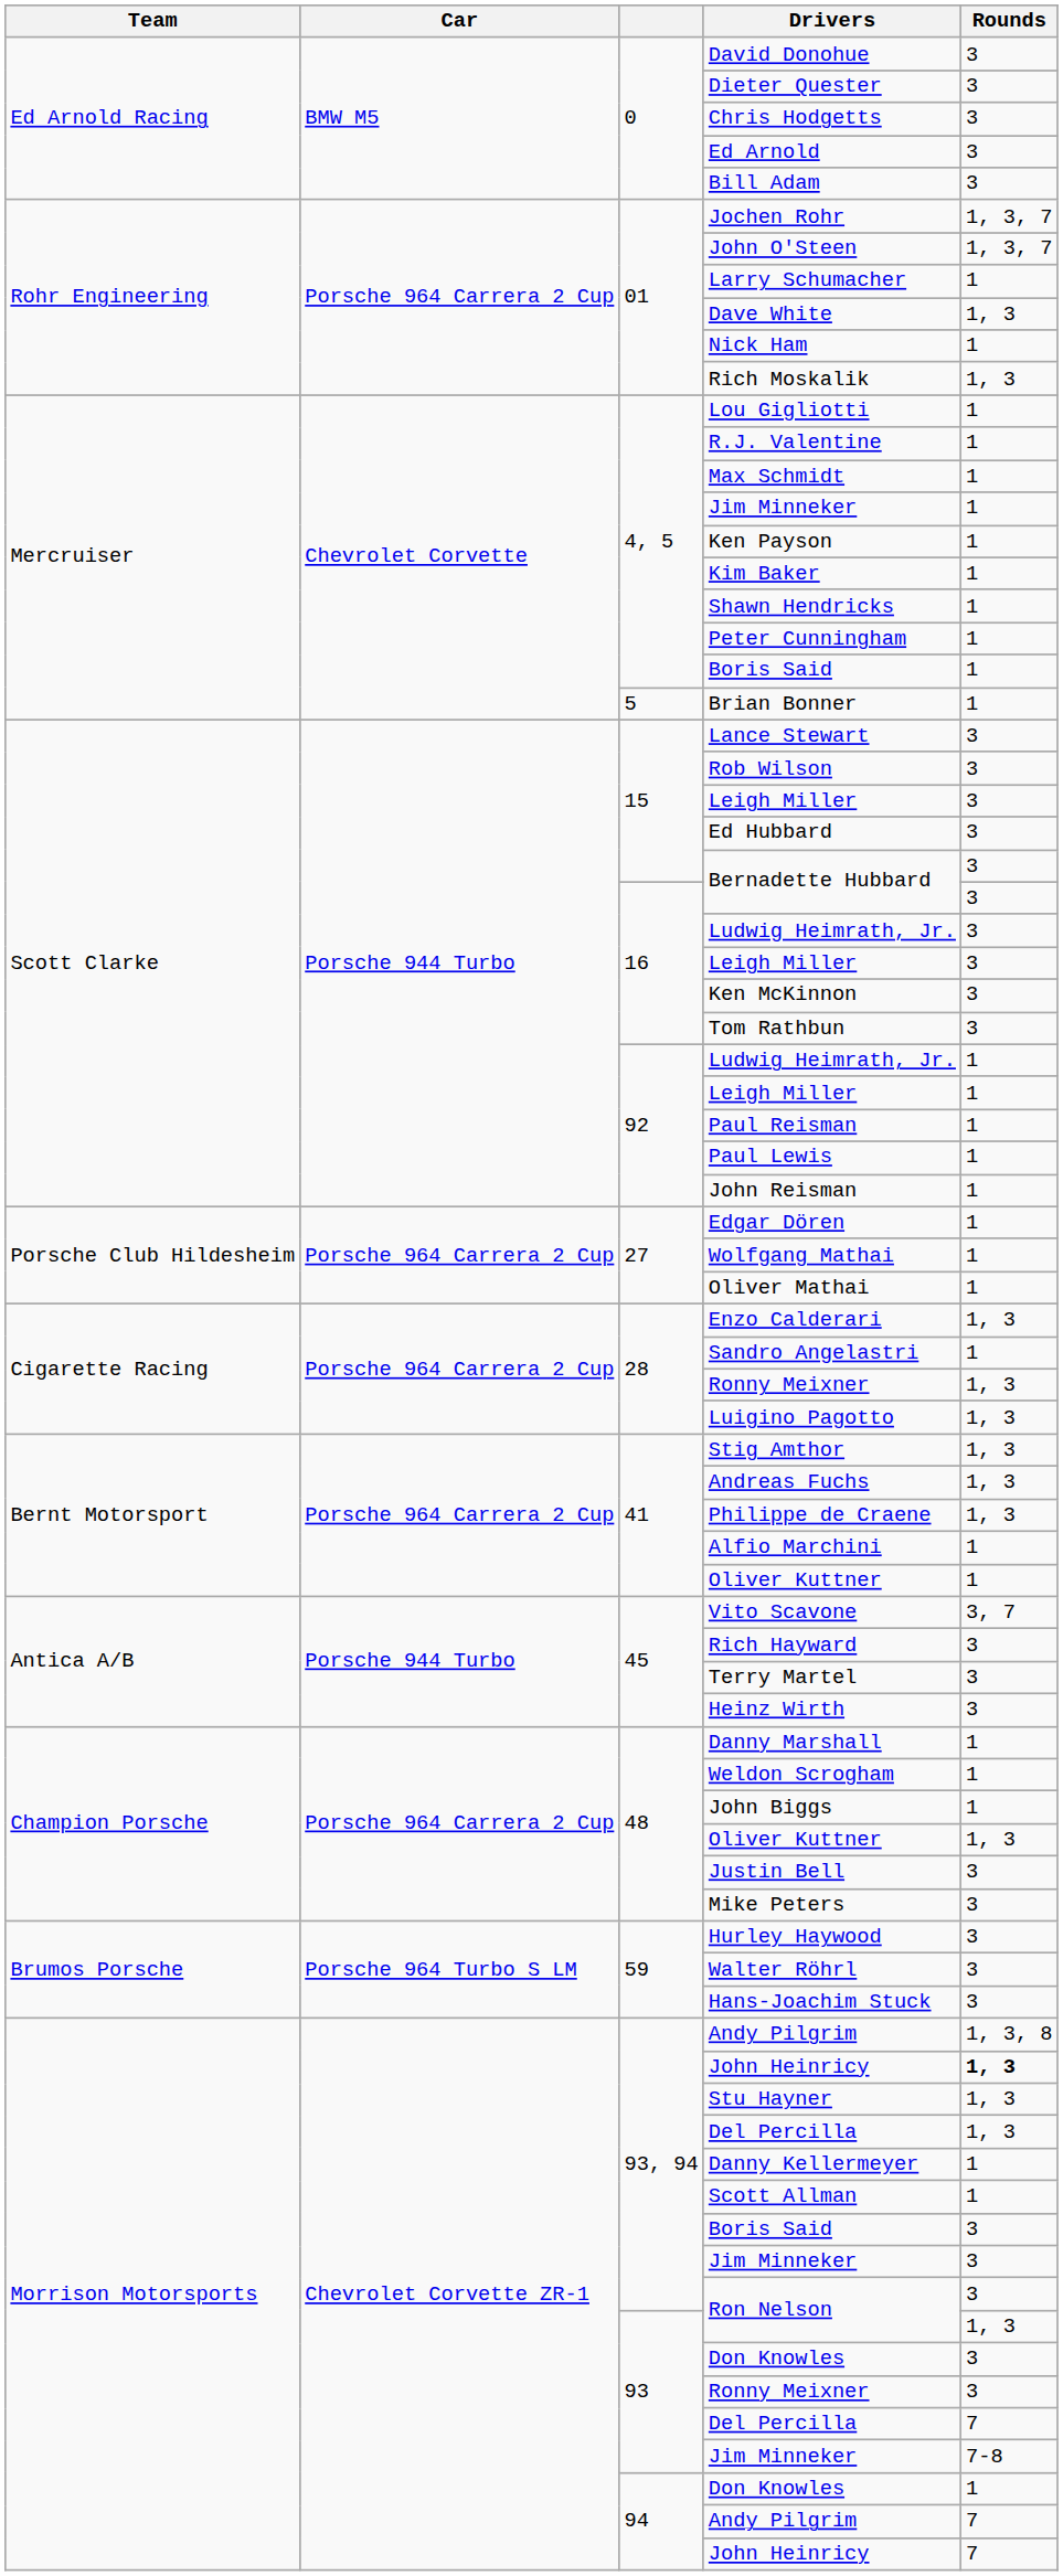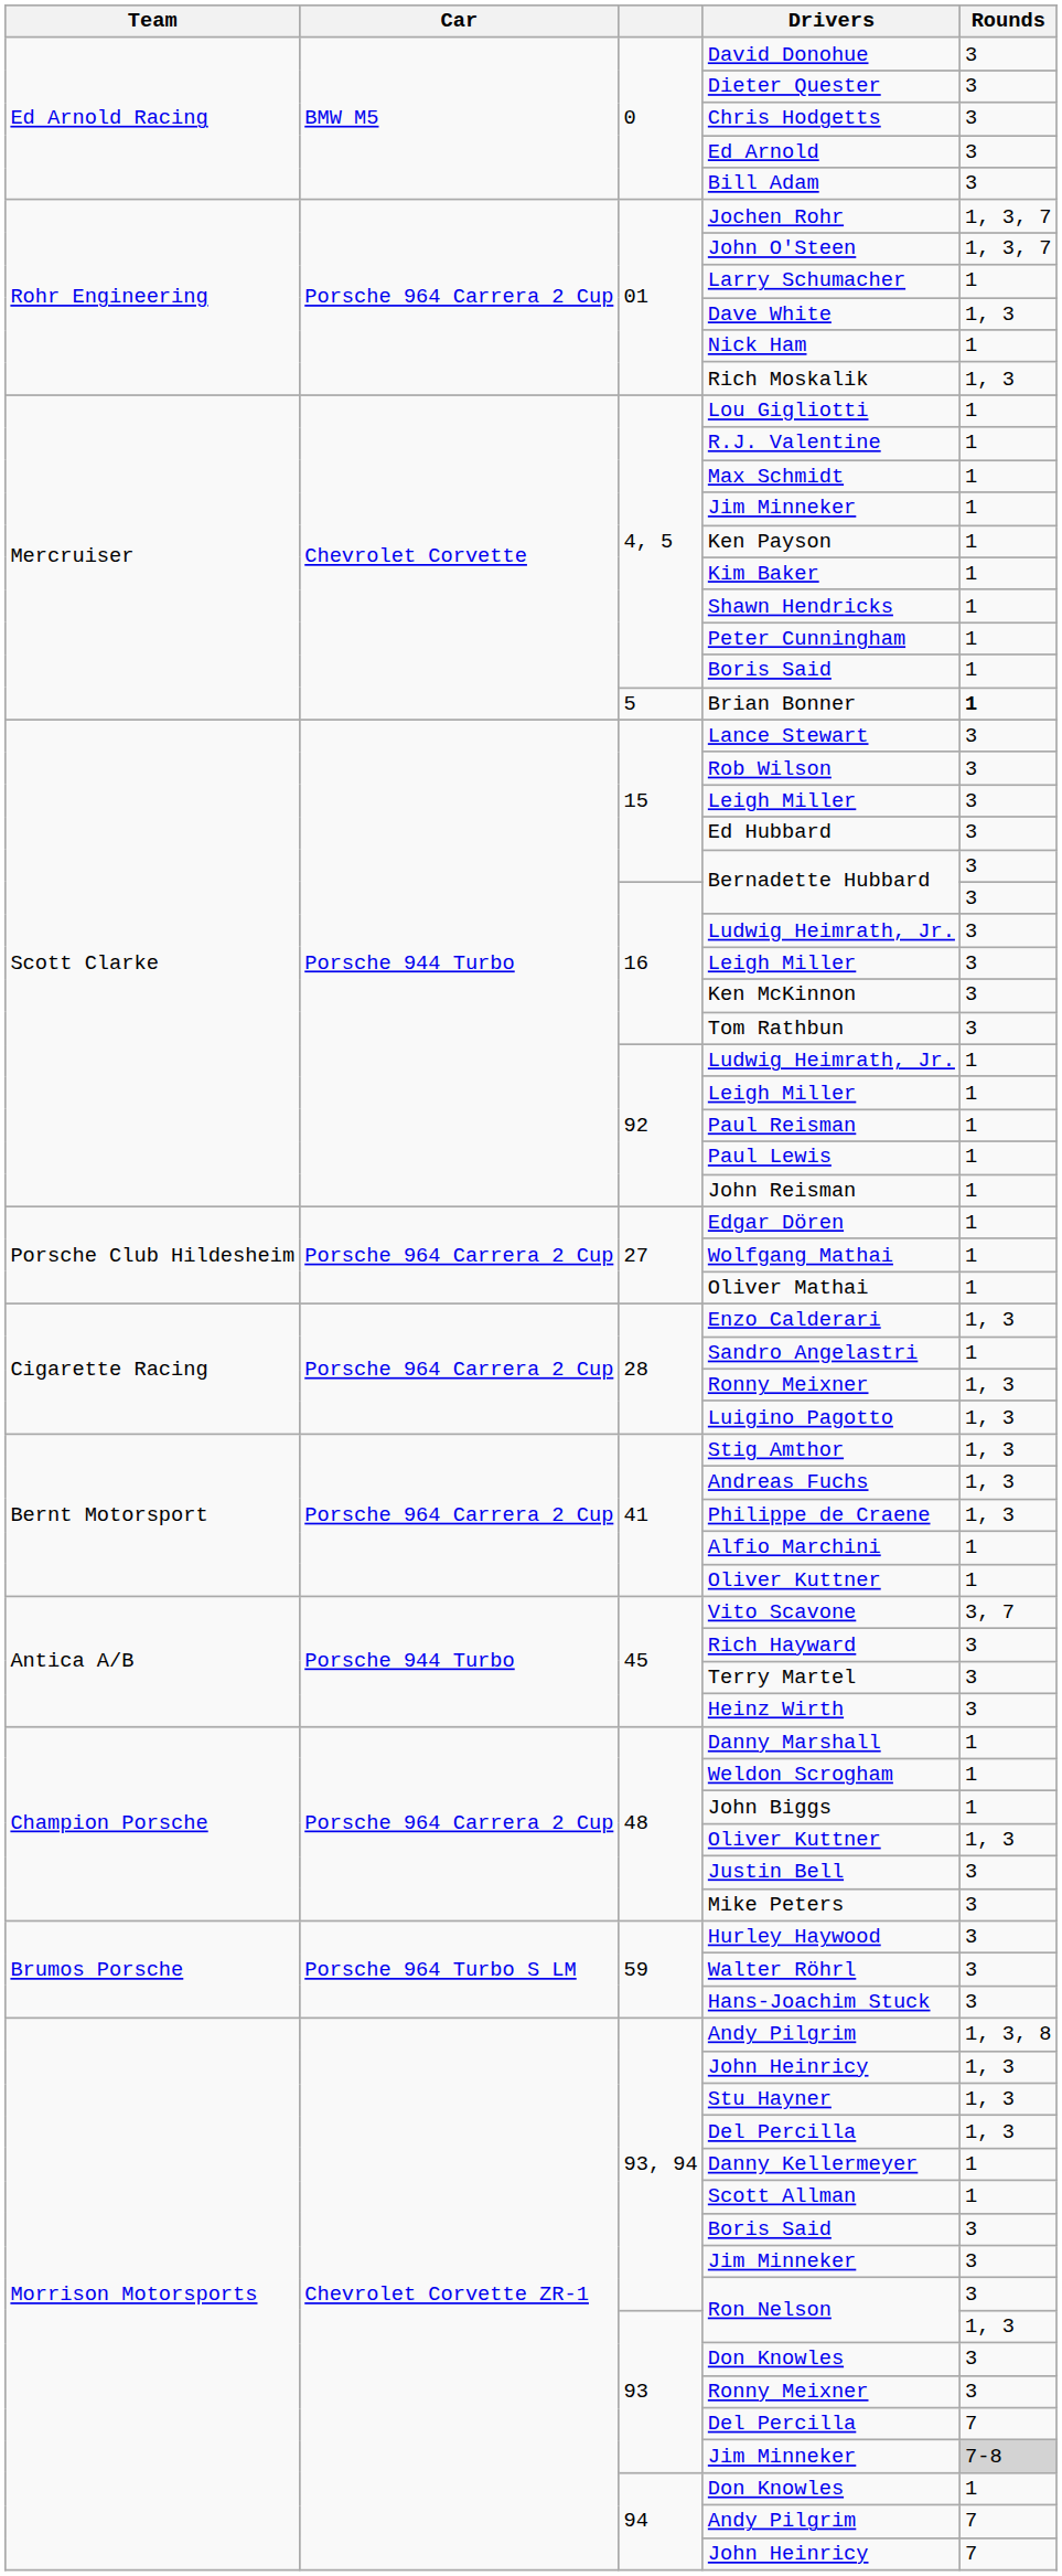 <table class="wikitable" style="font-size: 85%">
 <tr>
 <th>Team</th>
 <th>Car</th>
 <th></th>
 <th>Drivers</th>
 <th>Rounds</th>
 </tr>
 <tr>
 <td rowspan="5"> <a href='#'>Ed Arnold Racing</a></td>
 <td rowspan="5"><a href='#'>BMW M5</a></td>
 <td rowspan="5">0</td>
 <td> <a href='#'>David Donohue</a></td>
 <td>3</td>
 </tr>
 <tr>
 <td> <a href='#'>Dieter Quester</a></td>
 <td>3</td>
 </tr>
 <tr>
 <td> <a href='#'>Chris Hodgetts</a></td>
 <td>3</td>
 </tr>
 <tr>
 <td> <a href='#'>Ed Arnold</a></td>
 <td>3</td>
 </tr>
 <tr>
 <td> <a href='#'>Bill Adam</a></td>
 <td>3</td>
 </tr>
 <tr>
 <td rowspan="6"> <a href='#'>Rohr Engineering</a></td>
 <td rowspan="6"><a href='#'>Porsche 964 Carrera 2 Cup</a></td>
 <td rowspan="6">01</td>
 <td> <a href='#'>Jochen Rohr</a></td>
 <td>1, 3, 7</td>
 </tr>
 <tr>
 <td> <a href='#'>John O'Steen</a></td>
 <td>1, 3, 7</td>
 </tr>
 <tr>
 <td> <a href='#'>Larry Schumacher</a></td>
 <td>1</td>
 </tr>
 <tr>
 <td> <a href='#'>Dave White</a></td>
 <td>1, 3</td>
 </tr>
 <tr>
 <td> <a href='#'>Nick Ham</a></td>
 <td>1</td>
 </tr>
 <tr>
 <td> Rich Moskalik</td>
 <td>1, 3</td>
 </tr>
 <tr>
 <td rowspan="10"> Mercruiser</td>
 <td rowspan="10"><a href='#'>Chevrolet Corvette</a></td>
 <td rowspan="9">4, 5</td>
 <td> <a href='#'>Lou Gigliotti</a></td>
 <td>1</td>
 </tr>
 <tr>
 <td> <a href='#'>R.J. Valentine</a></td>
 <td>1</td>
 </tr>
 <tr>
 <td> <a href='#'>Max Schmidt</a></td>
 <td>1</td>
 </tr>
 <tr>
 <td> <a href='#'>Jim Minneker</a></td>
 <td>1</td>
 </tr>
 <tr>
 <td> Ken Payson</td>
 <td>1</td>
 </tr>
 <tr>
 <td> <a href='#'>Kim Baker</a></td>
 <td>1</td>
 </tr>
 <tr>
 <td> <a href='#'>Shawn Hendricks</a></td>
 <td>1</td>
 </tr>
 <tr>
 <td> <a href='#'>Peter Cunningham</a></td>
 <td>1</td>
 </tr>
 <tr>
 <td> <a href='#'>Boris Said</a></td>
 <td>1</td>
 </tr>
 <tr>
 <td>5</td>
 <td> Brian Bonner</td>
-<td>1</td>
+<td><strong>1</strong></td>
 </tr>
 <tr>
 <td rowspan="15"> Scott Clarke</td>
 <td rowspan="15"><a href='#'>Porsche 944 Turbo</a></td>
 <td rowspan="5">15</td>
 <td> <a href='#'>Lance Stewart</a></td>
 <td>3</td>
 </tr>
 <tr>
 <td> <a href='#'>Rob Wilson</a></td>
 <td>3</td>
 </tr>
 <tr>
 <td> <a href='#'>Leigh Miller</a></td>
 <td>3</td>
 </tr>
 <tr>
 <td> Ed Hubbard</td>
 <td>3</td>
 </tr>
 <tr>
 <td rowspan="2"> Bernadette Hubbard</td>
 <td>3</td>
 </tr>
 <tr>
 <td rowspan="5">16</td>
 <td>3</td>
 </tr>
 <tr>
 <td> <a href='#'>Ludwig Heimrath, Jr.</a></td>
 <td>3</td>
 </tr>
 <tr>
 <td> <a href='#'>Leigh Miller</a></td>
 <td>3</td>
 </tr>
 <tr>
 <td> Ken McKinnon</td>
 <td>3</td>
 </tr>
 <tr>
 <td> Tom Rathbun</td>
 <td>3</td>
 </tr>
 <tr>
 <td rowspan="5">92</td>
 <td> <a href='#'>Ludwig Heimrath, Jr.</a></td>
 <td>1</td>
 </tr>
 <tr>
 <td> <a href='#'>Leigh Miller</a></td>
 <td>1</td>
 </tr>
 <tr>
 <td> <a href='#'>Paul Reisman</a></td>
 <td>1</td>
 </tr>
 <tr>
 <td> <a href='#'>Paul Lewis</a></td>
 <td>1</td>
 </tr>
 <tr>
 <td> John Reisman</td>
 <td>1</td>
 </tr>
 <tr>
 <td rowspan="3"> Porsche Club Hildesheim</td>
 <td rowspan="3"><a href='#'>Porsche 964 Carrera 2 Cup</a></td>
 <td rowspan="3">27</td>
 <td> <a href='#'>Edgar Dören</a></td>
 <td>1</td>
 </tr>
 <tr>
 <td> <a href='#'>Wolfgang Mathai</a></td>
 <td>1</td>
 </tr>
 <tr>
 <td> Oliver Mathai</td>
 <td>1</td>
 </tr>
 <tr>
 <td rowspan="4"> Cigarette Racing</td>
 <td rowspan="4"><a href='#'>Porsche 964 Carrera 2 Cup</a></td>
 <td rowspan="4">28</td>
 <td> <a href='#'>Enzo Calderari</a></td>
 <td>1, 3</td>
 </tr>
 <tr>
 <td> <a href='#'>Sandro Angelastri</a></td>
 <td>1</td>
 </tr>
 <tr>
 <td> <a href='#'>Ronny Meixner</a></td>
 <td>1, 3</td>
 </tr>
 <tr>
 <td> <a href='#'>Luigino Pagotto</a></td>
 <td>1, 3</td>
 </tr>
 <tr>
 <td rowspan="5"> Bernt Motorsport</td>
 <td rowspan="5"><a href='#'>Porsche 964 Carrera 2 Cup</a></td>
 <td rowspan="5">41</td>
 <td> <a href='#'>Stig Amthor</a></td>
 <td>1, 3</td>
 </tr>
 <tr>
 <td> <a href='#'>Andreas Fuchs</a></td>
 <td>1, 3</td>
 </tr>
 <tr>
 <td> <a href='#'>Philippe de Craene</a></td>
 <td>1, 3</td>
 </tr>
 <tr>
 <td> <a href='#'>Alfio Marchini</a></td>
 <td>1</td>
 </tr>
 <tr>
 <td> <a href='#'>Oliver Kuttner</a></td>
 <td>1</td>
 </tr>
 <tr>
 <td rowspan="4"> Antica A/B</td>
 <td rowspan="4"><a href='#'>Porsche 944 Turbo</a></td>
 <td rowspan="4">45</td>
 <td> <a href='#'>Vito Scavone</a></td>
 <td>3, 7</td>
 </tr>
 <tr>
 <td> <a href='#'>Rich Hayward</a></td>
 <td>3</td>
 </tr>
 <tr>
 <td> Terry Martel</td>
 <td>3</td>
 </tr>
 <tr>
 <td> <a href='#'>Heinz Wirth</a></td>
 <td>3</td>
 </tr>
 <tr>
 <td rowspan="6"> <a href='#'>Champion Porsche</a></td>
 <td rowspan="6"><a href='#'>Porsche 964 Carrera 2 Cup</a></td>
 <td rowspan="6">48</td>
 <td> <a href='#'>Danny Marshall</a></td>
 <td>1</td>
 </tr>
 <tr>
 <td> <a href='#'>Weldon Scrogham</a></td>
 <td>1</td>
 </tr>
 <tr>
 <td> John Biggs</td>
 <td>1</td>
 </tr>
 <tr>
 <td> <a href='#'>Oliver Kuttner</a></td>
 <td>1, 3</td>
 </tr>
 <tr>
 <td> <a href='#'>Justin Bell</a></td>
 <td>3</td>
 </tr>
 <tr>
 <td> Mike Peters</td>
 <td>3</td>
 </tr>
 <tr>
 <td rowspan="3"> <a href='#'>Brumos Porsche</a></td>
 <td rowspan="3"><a href='#'>Porsche 964 Turbo S LM</a></td>
 <td rowspan="3">59</td>
 <td> <a href='#'>Hurley Haywood</a></td>
 <td>3</td>
 </tr>
 <tr>
 <td> <a href='#'>Walter Röhrl</a></td>
 <td>3</td>
 </tr>
 <tr>
 <td> <a href='#'>Hans-Joachim Stuck</a></td>
 <td>3</td>
 </tr>
 <tr>
 <td rowspan="17"> <a href='#'>Morrison Motorsports</a></td>
 <td rowspan="17"><a href='#'>Chevrolet Corvette ZR-1</a></td>
 <td rowspan="9">93, 94</td>
 <td> <a href='#'>Andy Pilgrim</a></td>
 <td>1, 3, 8</td>
 </tr>
 <tr>
 <td> <a href='#'>John Heinricy</a></td>
-<td><strong>1, 3</strong></td>
+<td>1, 3</td>
 </tr>
 <tr>
 <td> <a href='#'>Stu Hayner</a></td>
 <td>1, 3</td>
 </tr>
 <tr>
 <td> <a href='#'>Del Percilla</a></td>
 <td>1, 3</td>
 </tr>
 <tr>
 <td> <a href='#'>Danny Kellermeyer</a></td>
 <td>1</td>
 </tr>
 <tr>
 <td> <a href='#'>Scott Allman</a></td>
 <td>1</td>
 </tr>
 <tr>
 <td> <a href='#'>Boris Said</a></td>
 <td>3</td>
 </tr>
 <tr>
 <td> <a href='#'>Jim Minneker</a></td>
 <td>3</td>
 </tr>
 <tr>
 <td rowspan="2"> <a href='#'>Ron Nelson</a></td>
 <td>3</td>
 </tr>
 <tr>
 <td rowspan="5">93</td>
 <td>1, 3</td>
 </tr>
 <tr>
 <td> <a href='#'>Don Knowles</a></td>
 <td>3</td>
 </tr>
 <tr>
 <td> <a href='#'>Ronny Meixner</a></td>
 <td>3</td>
 </tr>
 <tr>
 <td> <a href='#'>Del Percilla</a></td>
 <td>7</td>
 </tr>
 <tr>
 <td> <a href='#'>Jim Minneker</a></td>
-<td>7-8</td>
+<td style="background: lightgrey;">7-8</td>
 </tr>
 <tr>
 <td rowspan="3">94</td>
 <td> <a href='#'>Don Knowles</a></td>
 <td>1</td>
 </tr>
 <tr>
 <td> <a href='#'>Andy Pilgrim</a></td>
 <td>7</td>
 </tr>
 <tr>
 <td> <a href='#'>John Heinricy</a></td>
 <td>7</td>
 </tr>
 </table>
